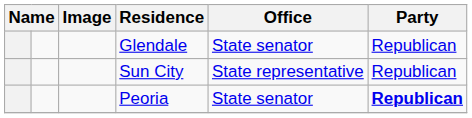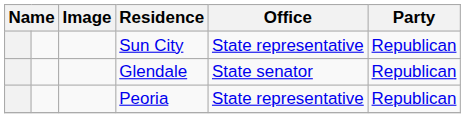 <table class="sortable wikitable">
 <tr valign=bottom>
 <th colspan="2">Name</th>
 <th>Image</th>
 <th>Residence</th>
 <th>Office</th>
 <th>Party</th>
+</tr>
+<tr>
+<th style="background-color:  "></th>
+<td></td>
+<td></td>
+<td><a href='#'>Sun City</a></td>
+<td><a href='#'>State representative</a></td>
+<td><a href='#'>Republican</a></td>
 </tr>
 <tr>
 <th style="background-color:  "></th>
 <td></td>
 <td></td>
 <td><a href='#'>Glendale</a></td>
 <td><a href='#'>State senator</a></td>
 <td><a href='#'>Republican</a></td>
 </tr>
 <tr>
 <th style="background-color:  "></th>
 <td></td>
 <td></td>
-<td><a href='#'>Sun City</a></td>
+<td><a href='#'>Peoria</a></td>
 <td><a href='#'>State representative</a></td>
 <td><a href='#'>Republican</a></td>
 </tr>
 <tr>
-<th style="background-color:  "></th>
-<td></td>
-<td></td>
-<td><a href='#'>Peoria</a></td>
-<td><a href='#'>State senator</a></td>
-<td><strong><a href='#'>Republican</a></strong></td>
-</tr>
-<tr>
 </tr>
 </table>
